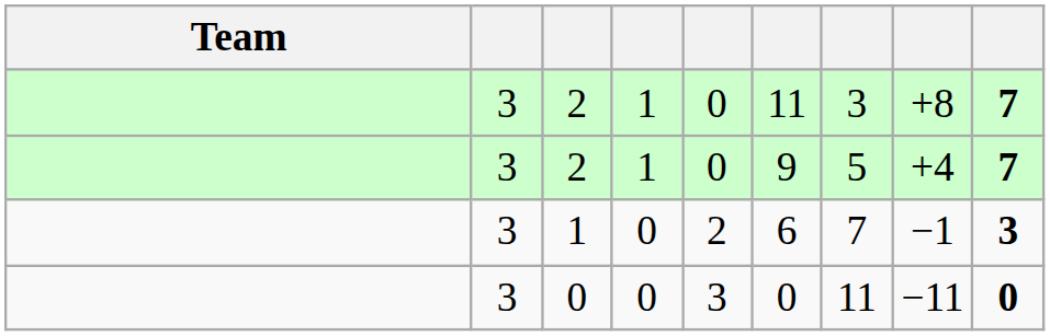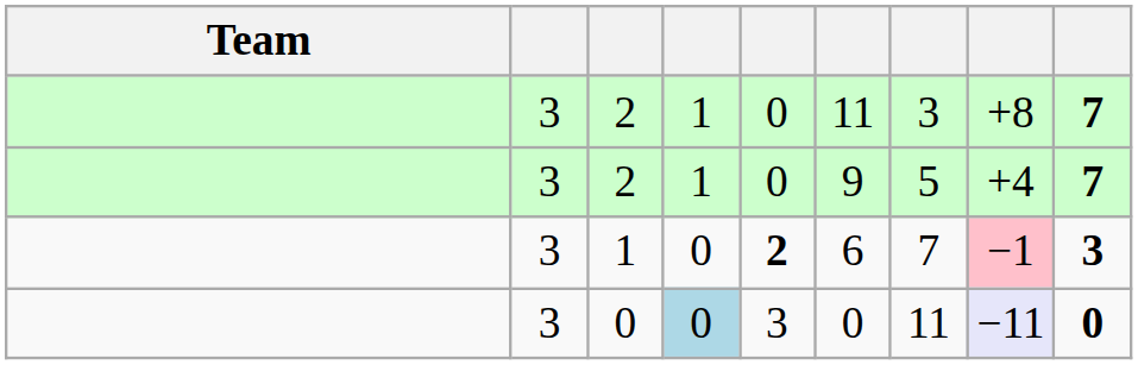 <table class="wikitable" style="text-align: center;">
 <tr>
 <th width="175">Team</th>
 <th width="20"></th>
 <th width="20"></th>
 <th width="20"></th>
 <th width="20"></th>
 <th width="20"></th>
 <th width="20"></th>
 <th width="20"></th>
 <th width="20"></th>
 </tr>
 <tr bgcolor=ccffcc>
 <td align=left></td>
 <td>3</td>
 <td>2</td>
 <td>1</td>
 <td>0</td>
 <td>11</td>
 <td>3</td>
 <td>+8</td>
 <td><strong>7</strong></td>
 </tr>
 <tr bgcolor=ccffcc>
 <td align=left><em></em></td>
 <td>3</td>
 <td>2</td>
 <td>1</td>
 <td>0</td>
 <td>9</td>
 <td>5</td>
 <td>+4</td>
 <td><strong>7</strong></td>
 </tr>
 <tr>
 <td align=left></td>
 <td>3</td>
 <td>1</td>
 <td>0</td>
-<td>2</td>
+<td><strong>2</strong></td>
 <td>6</td>
 <td>7</td>
-<td>−1</td>
+<td style="background: pink;">−1</td>
 <td><strong>3</strong></td>
 </tr>
 <tr>
 <td align=left></td>
 <td>3</td>
 <td>0</td>
-<td>0</td>
+<td style="background: lightblue;">0</td>
 <td>3</td>
 <td>0</td>
 <td>11</td>
-<td>−11</td>
+<td style="background: lavender;">−11</td>
 <td><strong>0</strong></td>
 </tr>
 </table>
